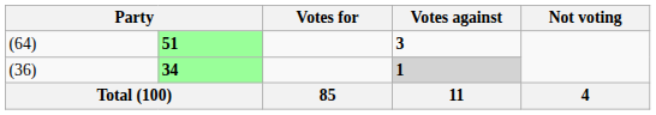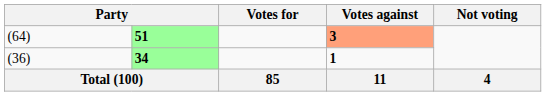 <table class="wikitable" style="width:50%;">
 <tr>
 <th colspan="2">Party</th>
 <th style="width:20%;">Votes for</th>
 <th style="width:20%;">Votes against</th>
 <th style="width:20%;">Not voting</th>
 </tr>
 <tr>
 <td> (64)</td>
 <td style="background-color:#9f9;"><strong>51</strong></td>
 <td></td>
-<td><strong>3</strong></td>
+<td style="background: lightsalmon;"><strong>3</strong></td>
 </tr>
 <tr>
 <td> (36)</td>
 <td style="background-color:#9f9;"><strong>34</strong></td>
 <td></td>
-<td style="background: lightgrey;"><strong>1</strong></td>
+<td><strong>1</strong></td>
 </tr>
 <tr>
 <th colspan="2">Total (100)</th>
 <th>85</th>
 <th>11</th>
 <th>4</th>
 </tr>
 </table>
